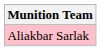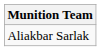 <table class="wikitable" "align: right;">
 <tr>
 <th>Munition Team</th>
 </tr>
 <tr>
-<td style="background: pink;"> Aliakbar Sarlak</td>
+<td> Aliakbar Sarlak</td>
 </tr>
 </table>
